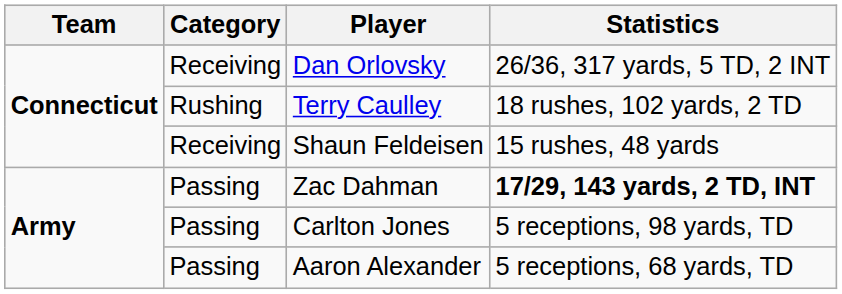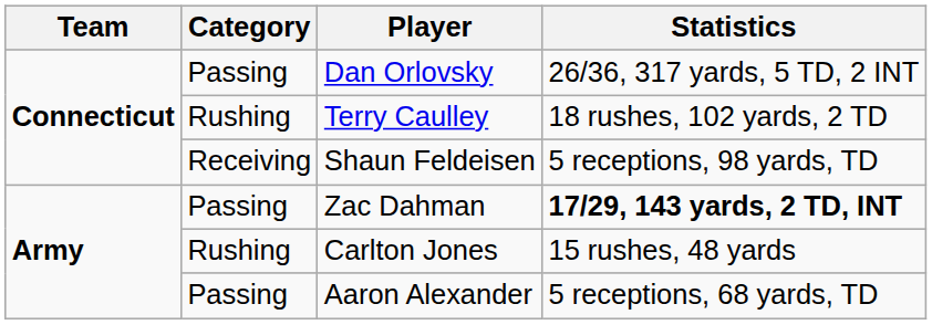 <table class="wikitable" style="float: left;">
 <tr>
 <th>Team</th>
 <th>Category</th>
 <th>Player</th>
 <th>Statistics</th>
 </tr>
 <tr>
 <td rowspan=3><strong>Connecticut</strong></td>
-<td>Receiving</td>
+<td>Passing</td>
 <td><a href='#'>Dan Orlovsky</a></td>
 <td>26/36, 317 yards, 5 TD, 2 INT</td>
 </tr>
 <tr>
 <td>Rushing</td>
 <td><a href='#'>Terry Caulley</a></td>
 <td>18 rushes, 102 yards, 2 TD</td>
 </tr>
 <tr>
 <td>Receiving</td>
 <td>Shaun Feldeisen</td>
-<td>15 rushes, 48 yards</td>
+<td>5 receptions, 98 yards, TD</td>
 </tr>
 <tr>
 <td rowspan=3><strong>Army</strong></td>
 <td>Passing</td>
 <td>Zac Dahman</td>
 <td><strong>17/29, 143 yards, 2 TD, INT</strong></td>
 </tr>
 <tr>
-<td>Passing</td>
+<td>Rushing</td>
 <td>Carlton Jones</td>
-<td>5 receptions, 98 yards, TD</td>
+<td>15 rushes, 48 yards</td>
 </tr>
 <tr>
 <td>Passing</td>
 <td>Aaron Alexander</td>
 <td>5 receptions, 68 yards, TD</td>
 </tr>
 </table>
